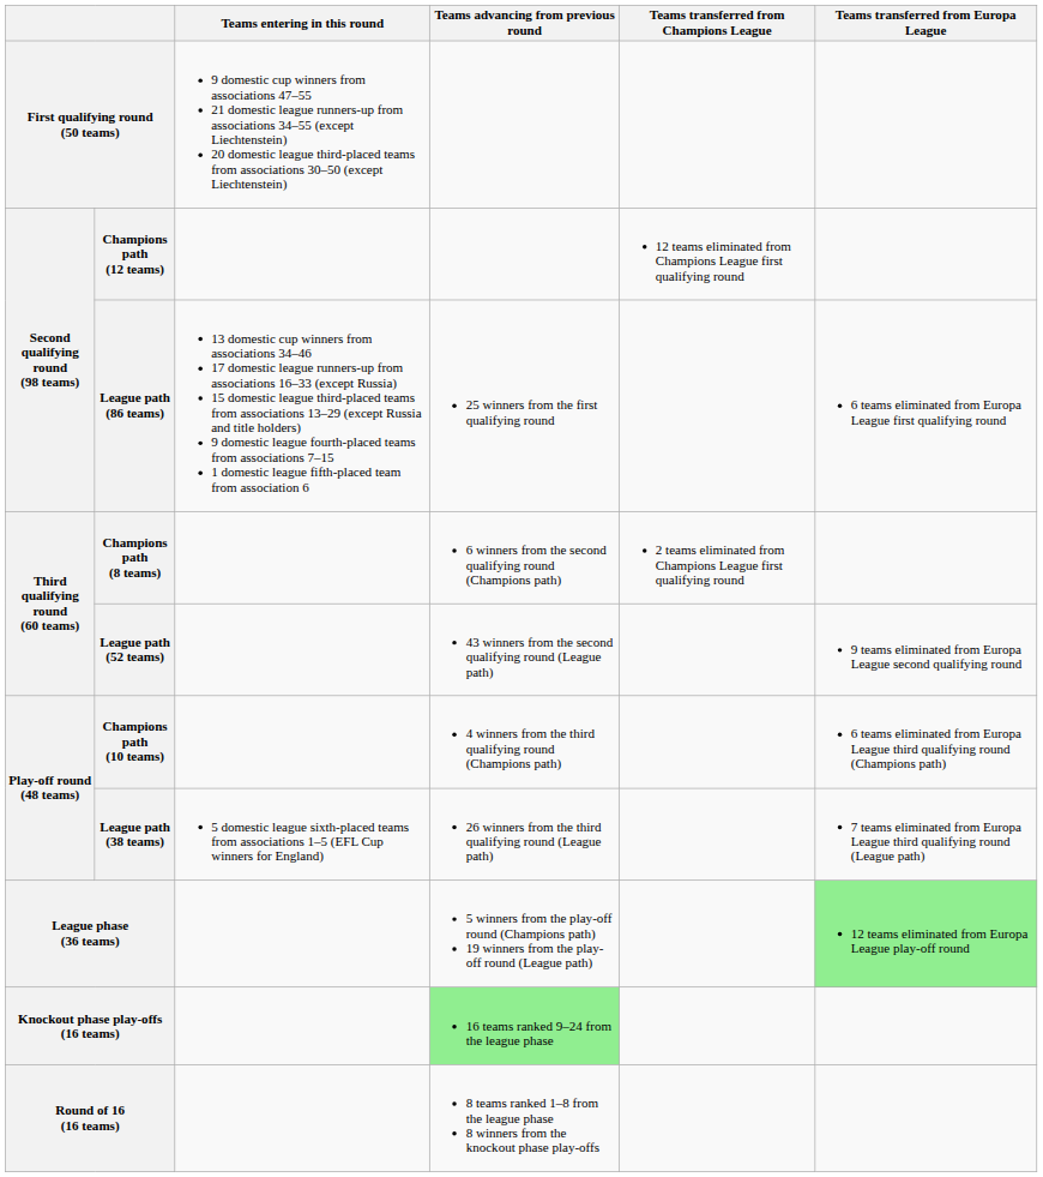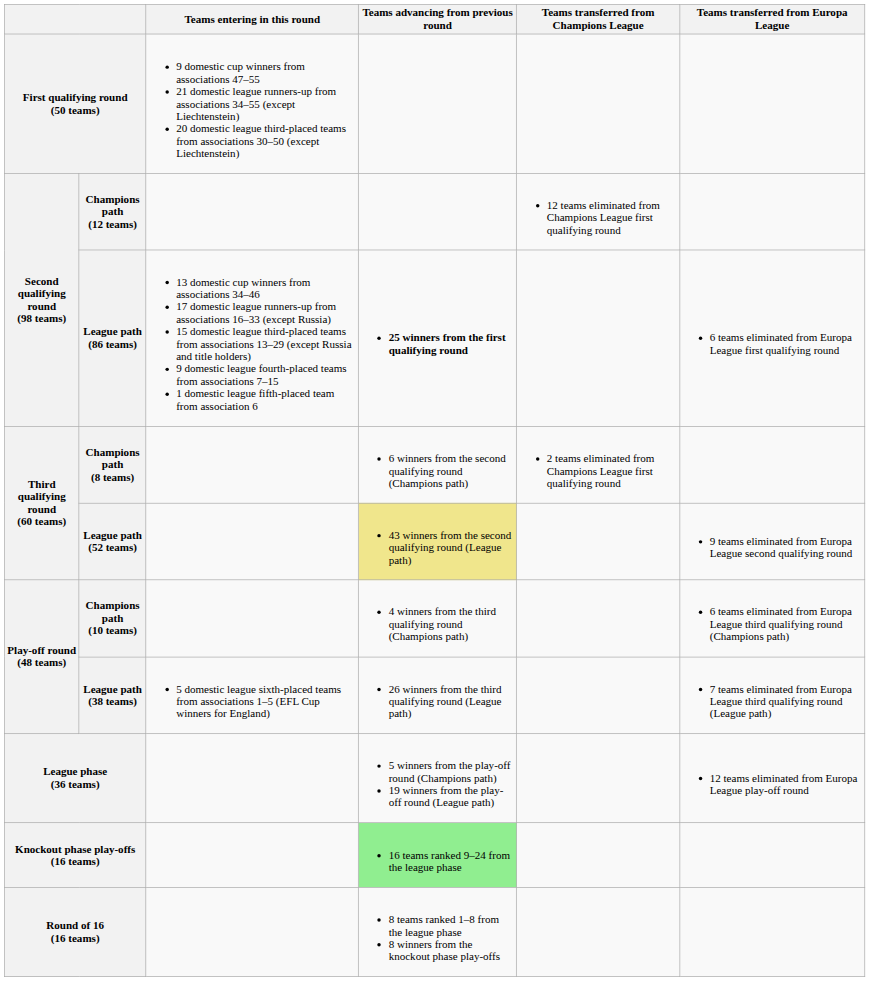 <table class="wikitable">
 <tr>
 <th colspan=2></th>
 <th>Teams entering in this round</th>
 <th>Teams advancing from previous round</th>
 <th>Teams transferred from Champions League</th>
 <th>Teams transferred from Europa League</th>
 </tr>
 <tr>
 <th colspan=2>First qualifying round<br> (50 teams)</th>
 <td><br><ul><li>9 domestic cup winners from associations 47–55</li><li>21 domestic league runners-up from associations 34–55 (except Liechtenstein)</li><li>20 domestic league third-placed teams from associations 30–50 (except Liechtenstein)</li></ul></td>
 <td></td>
 <td></td>
 <td></td>
 </tr>
 <tr>
 <th rowspan=2>Second qualifying round <br> (98 teams)</th>
 <th>Champions path<br>(12 teams)</th>
 <td></td>
 <td></td>
 <td><br><ul><li>12 teams eliminated from Champions League first qualifying round</li></ul></td>
 <td></td>
 </tr>
 <tr>
 <th>League path<br>(86 teams)</th>
 <td><br><ul><li>13 domestic cup winners from associations 34–46</li><li>17 domestic league runners-up from associations 16–33 (except Russia)</li><li>15 domestic league third-placed teams from associations 13–29 (except Russia and title holders)</li><li>9 domestic league fourth-placed teams from associations 7–15</li><li>1 domestic league fifth-placed team from association 6</li></ul></td>
-<td><br><ul><li>25 winners from the first qualifying round</li></ul></td>
+<td><strong><br><ul><li>25 winners from the first qualifying round</li></ul></strong></td>
 <td></td>
 <td><br><ul><li>6 teams eliminated from Europa League first qualifying round</li></ul></td>
 </tr>
 <tr>
 <th rowspan=2>Third qualifying round<br> (60 teams)</th>
 <th>Champions path<br>(8 teams)</th>
 <td></td>
 <td><br><ul><li>6 winners from the second qualifying round (Champions path)</li></ul></td>
 <td><br><ul><li>2 teams eliminated from Champions League first qualifying round </li></ul></td>
 <td></td>
 </tr>
 <tr>
 <th>League path<br>(52 teams)</th>
 <td></td>
-<td><br><ul><li>43 winners from the second qualifying round (League path)</li></ul></td>
+<td style="background: khaki;"><br><ul><li>43 winners from the second qualifying round (League path)</li></ul></td>
 <td></td>
 <td><br><ul><li>9 teams eliminated from Europa League second qualifying round</li></ul></td>
 </tr>
 <tr>
 <th rowspan=2>Play-off round<br> (48 teams)</th>
 <th>Champions path<br>(10 teams)</th>
 <td></td>
 <td><br><ul><li>4 winners from the third qualifying round (Champions path)</li></ul></td>
 <td></td>
 <td><br><ul><li>6 teams eliminated from Europa League third qualifying round (Champions path)</li></ul></td>
 </tr>
 <tr>
 <th>League path<br>(38 teams)</th>
 <td><br><ul><li>5 domestic league sixth-placed teams from associations 1–5 (EFL Cup winners for England)</li></ul></td>
 <td><br><ul><li>26 winners from the third qualifying round (League path)</li></ul></td>
 <td></td>
 <td><br><ul><li>7 teams eliminated from Europa League third qualifying round (League path)</li></ul></td>
 </tr>
 <tr>
 <th colspan=2>League phase<br> (36 teams)</th>
 <td></td>
 <td><br><ul><li>5 winners from the play-off round (Champions path)</li><li>19 winners from the play-off round (League path)</li></ul></td>
 <td></td>
-<td style="background: lightgreen;"><br><ul><li>12 teams eliminated from Europa League play-off round</li></ul></td>
+<td><br><ul><li>12 teams eliminated from Europa League play-off round</li></ul></td>
 </tr>
 <tr>
 <th colspan=2>Knockout phase play-offs<br>(16 teams)</th>
 <td></td>
 <td style="background: lightgreen;"><br><ul><li>16 teams ranked 9–24 from the league phase</li></ul></td>
 <td></td>
 <td></td>
 </tr>
 <tr>
 <th colspan=2>Round of 16<br>(16 teams)</th>
 <td></td>
 <td><br><ul><li>8 teams ranked 1–8 from the league phase</li><li>8 winners from the knockout phase play-offs</li></ul></td>
 <td></td>
 <td></td>
 </tr>
 </table>
